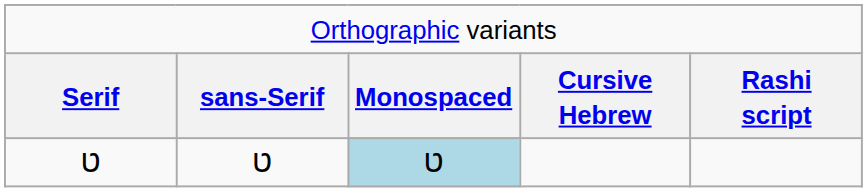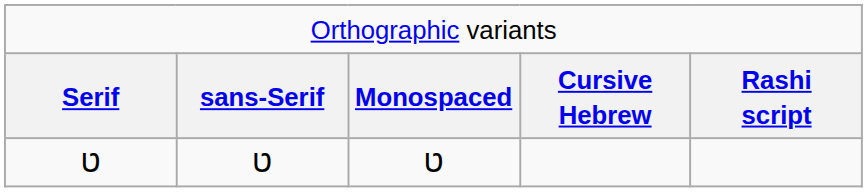 <table class=wikitable style="text-align:center;">
 <tr>
 <td colspan=5><small><a href='#'>Orthographic</a> variants</small></td>
 </tr>
 <tr>
 <th><small><a href='#'>Serif</a></small></th>
 <th><small><a href='#'>sans-Serif</a></small></th>
 <th><small><a href='#'>Monospaced</a></small></th>
 <th><small><a href='#'>Cursive<br>Hebrew</a></small></th>
 <th><small><a href='#'>Rashi<br>script</a></small></th>
 </tr>
 <tr>
 <td width=20%><span>ט</span></td>
 <td width=20%><span>ט</span></td>
-<td width=20% style="background: lightblue;"><span>ט</span></td>
+<td width=20%><span>ט</span></td>
 <td width=20%></td>
 <td width=20%></td>
 </tr>
 </table>
